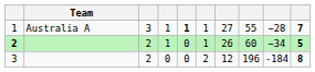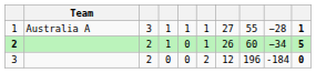 <table class="wikitable" style="text-align:center;">
 <tr>
 <th style="width:1.5em;"></th>
 <th style="width:11.5em">Team</th>
 <th style="width:1.5em;"></th>
 <th style="width:1.5em;"></th>
 <th style="width:1.5em;"></th>
 <th style="width:1.5em;"></th>
 <th style="width:2.0em;"></th>
 <th style="width:2.0em;"></th>
 <th style="width:2.0em;"></th>
 <th style="width:1.5em;"></th>
 </tr>
 <tr>
 <td>1</td>
 <td align="left"> Australia A</td>
 <td>3</td>
 <td>1</td>
-<td><strong>1</strong></td>
+<td>1</td>
 <td>1</td>
 <td>27</td>
 <td>55</td>
 <td>−28</td>
-<td><strong>7</strong></td>
+<td><strong>1</strong></td>
 </tr>
 <tr style="background:#bbf3bb;">
 <td><strong>2</strong></td>
 <td align="left"></td>
 <td>2</td>
 <td>1</td>
 <td>0</td>
 <td>1</td>
 <td>26</td>
 <td>60</td>
 <td>−34</td>
 <td><strong>5</strong></td>
 </tr>
 <tr>
 <td>3</td>
 <td align="left"></td>
 <td>2</td>
 <td>0</td>
 <td>0</td>
 <td>2</td>
 <td>12</td>
 <td>196</td>
 <td>-184</td>
-<td><strong>8</strong></td>
+<td><strong>0</strong></td>
 </tr>
 </table>
